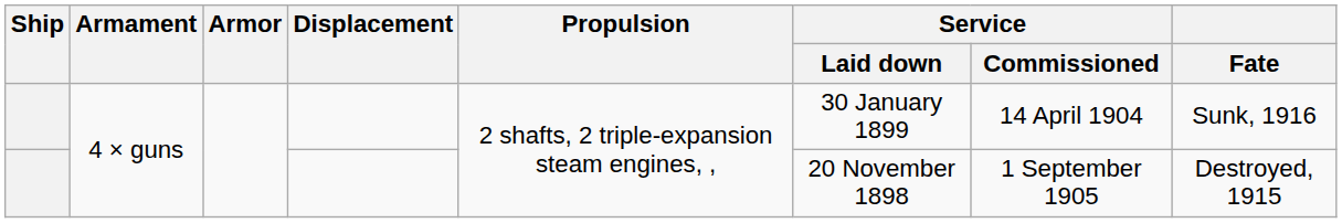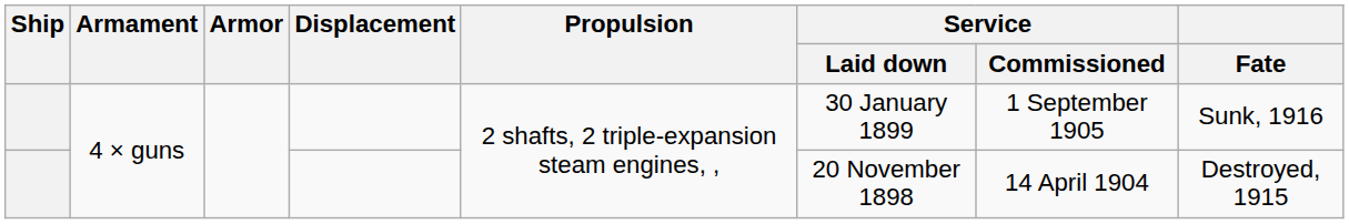 <table class="wikitable plainrowheaders" style="text-align: center;">
 <tr valign="top">
 <th scope="col" rowspan="2">Ship</th>
 <th scope="col" rowspan="2">Armament</th>
 <th scope="col" rowspan="2">Armor</th>
 <th scope="col" rowspan="2">Displacement</th>
 <th scope="col" rowspan="2">Propulsion</th>
 <th scope="col" colspan="2">Service</th>
 <th></th>
 </tr>
 <tr valign="top">
 <th scope="col">Laid down</th>
 <th scope="col">Commissioned</th>
 <th scope="col">Fate</th>
 </tr>
 <tr valign="center">
 <th scope="row"></th>
 <td rowspan="2">4 ×  guns</td>
 <td rowspan="2"></td>
 <td></td>
 <td rowspan="2">2 shafts, 2 triple-expansion steam engines, , </td>
 <td>30 January 1899</td>
-<td>14 April 1904</td>
+<td>1 September 1905</td>
 <td>Sunk, 1916</td>
 </tr>
 <tr valign="center">
 <th scope="row"></th>
 <td></td>
 <td>20 November 1898</td>
-<td>1 September 1905</td>
+<td>14 April 1904</td>
 <td>Destroyed, 1915</td>
 </tr>
 </table>
